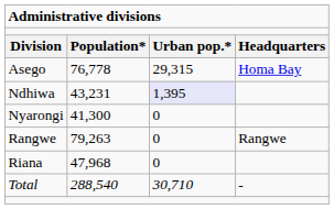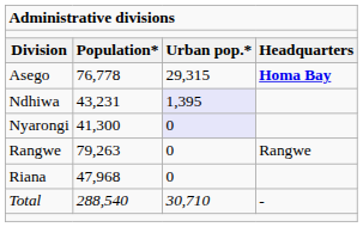 <table class="wikitable">
 <tr>
 <td colspan="4"><strong>Administrative divisions</strong></td>
 </tr>
 <tr>
 <td colspan="4"></td>
 </tr>
 <tr>
 <th>Division</th>
 <th>Population*</th>
 <th>Urban pop.*</th>
 <th>Headquarters</th>
 </tr>
 <tr>
 <td>Asego</td>
 <td>76,778</td>
 <td>29,315</td>
-<td><a href='#'>Homa Bay</a></td>
+<td><strong><a href='#'>Homa Bay</a></strong></td>
 </tr>
 <tr>
 <td>Ndhiwa</td>
 <td>43,231</td>
 <td style="background: lavender;">1,395</td>
 <td></td>
 </tr>
 <tr>
 <td>Nyarongi</td>
 <td>41,300</td>
-<td>0</td>
+<td style="background: lavender;">0</td>
 <td></td>
 </tr>
 <tr>
 <td>Rangwe</td>
 <td>79,263</td>
 <td>0</td>
 <td>Rangwe</td>
 </tr>
 <tr>
 <td>Riana</td>
 <td>47,968</td>
 <td>0</td>
 <td></td>
 </tr>
 <tr>
 <td><em>Total</em></td>
 <td><em>288,540</em></td>
 <td><em>30,710</em></td>
 <td>-</td>
 </tr>
 <tr>
 <td colspan="4"></td>
 </tr>
 </table>
